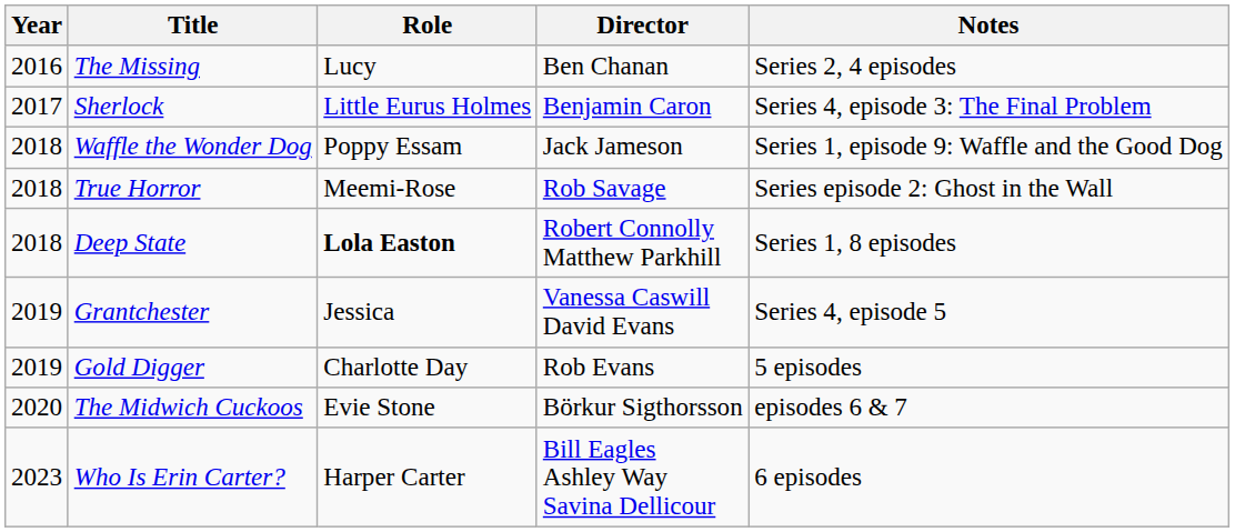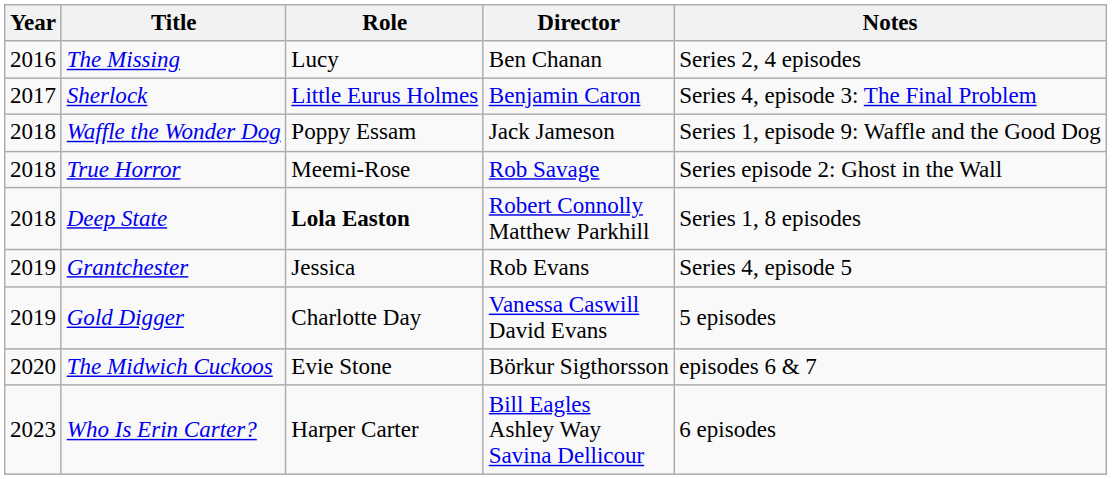 <table class="wikitable sortable">
 <tr>
 <th>Year</th>
 <th>Title</th>
 <th>Role</th>
 <th>Director</th>
 <th>Notes</th>
 </tr>
 <tr>
 <td>2016</td>
 <td><em><a href='#'>The Missing</a></em></td>
 <td>Lucy</td>
 <td>Ben Chanan</td>
 <td>Series 2, 4 episodes</td>
 </tr>
 <tr>
 <td>2017</td>
 <td><em><a href='#'>Sherlock</a></em></td>
 <td><a href='#'>Little Eurus Holmes</a></td>
 <td><a href='#'>Benjamin Caron</a></td>
 <td>Series 4, episode 3: <a href='#'>The Final Problem</a></td>
 </tr>
 <tr>
 <td>2018</td>
 <td><em><a href='#'>Waffle the Wonder Dog</a></em></td>
 <td>Poppy Essam</td>
 <td>Jack Jameson</td>
 <td>Series 1, episode 9: Waffle and the Good Dog</td>
 </tr>
 <tr>
 <td>2018</td>
 <td><em><a href='#'>True Horror</a></em></td>
 <td>Meemi-Rose</td>
 <td><a href='#'>Rob Savage</a></td>
 <td>Series episode 2: Ghost in the Wall</td>
 </tr>
 <tr>
 <td>2018</td>
 <td><em><a href='#'>Deep State</a></em></td>
 <td><strong>Lola Easton</strong></td>
 <td><a href='#'>Robert Connolly</a><br>Matthew Parkhill</td>
 <td>Series 1, 8 episodes</td>
 </tr>
 <tr>
 <td>2019</td>
 <td><em><a href='#'>Grantchester</a></em></td>
 <td>Jessica</td>
-<td><a href='#'>Vanessa Caswill</a><br>David Evans</td>
+<td>Rob Evans</td>
 <td>Series 4, episode 5</td>
 </tr>
 <tr>
 <td>2019</td>
 <td><em><a href='#'>Gold Digger</a></em></td>
 <td>Charlotte Day</td>
-<td>Rob Evans</td>
+<td><a href='#'>Vanessa Caswill</a><br>David Evans</td>
 <td>5 episodes</td>
 </tr>
 <tr>
 <td>2020</td>
 <td><em><a href='#'>The Midwich Cuckoos</a></em></td>
 <td>Evie Stone</td>
 <td>Börkur Sigthorsson</td>
 <td>episodes 6 & 7</td>
 </tr>
 <tr>
 <td>2023</td>
 <td><em><a href='#'>Who Is Erin Carter?</a></em></td>
 <td>Harper Carter</td>
 <td><a href='#'>Bill Eagles</a><br>Ashley Way<br> <a href='#'>Savina Dellicour</a></td>
 <td>6 episodes</td>
 </tr>
 </table>
